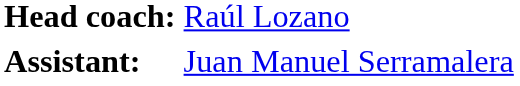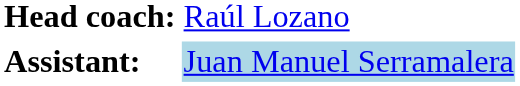 <table>
 <tr>
 <td><strong>Head coach:</strong></td>
 <td><a href='#'>Raúl Lozano</a></td>
 </tr>
 <tr>
 <td><strong>Assistant:</strong></td>
-<td><a href='#'>Juan Manuel Serramalera</a></td>
+<td style="background: lightblue;"><a href='#'>Juan Manuel Serramalera</a></td>
 </tr>
 </table>
